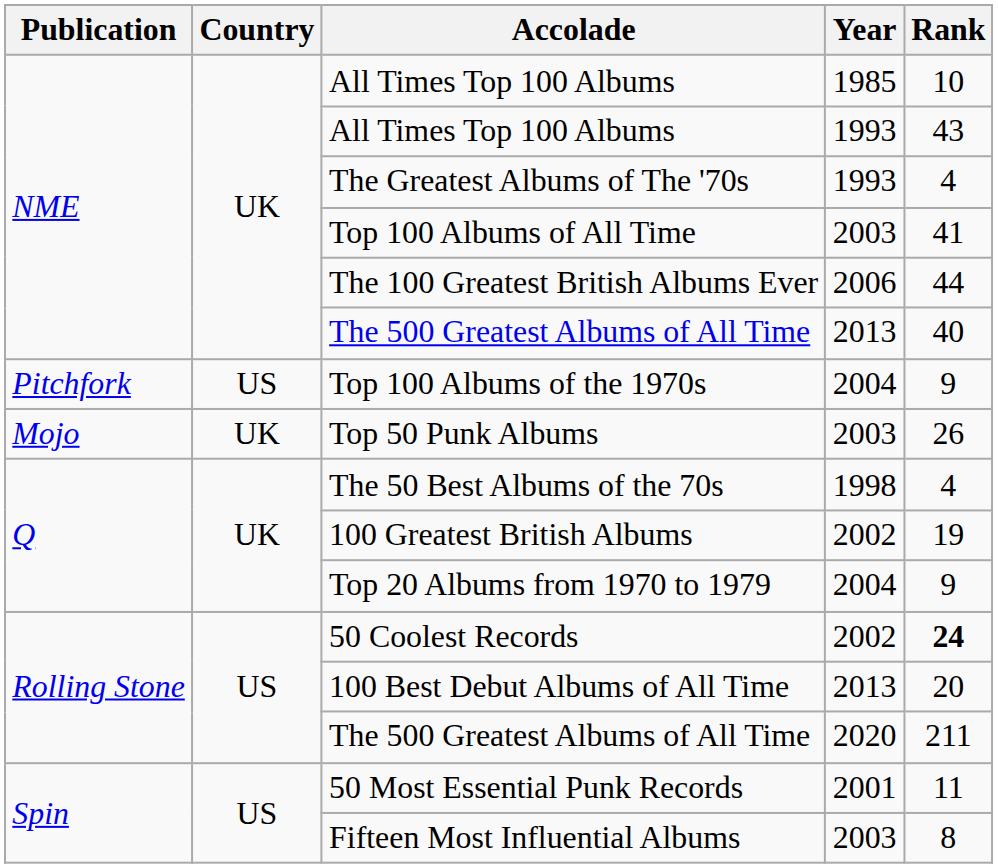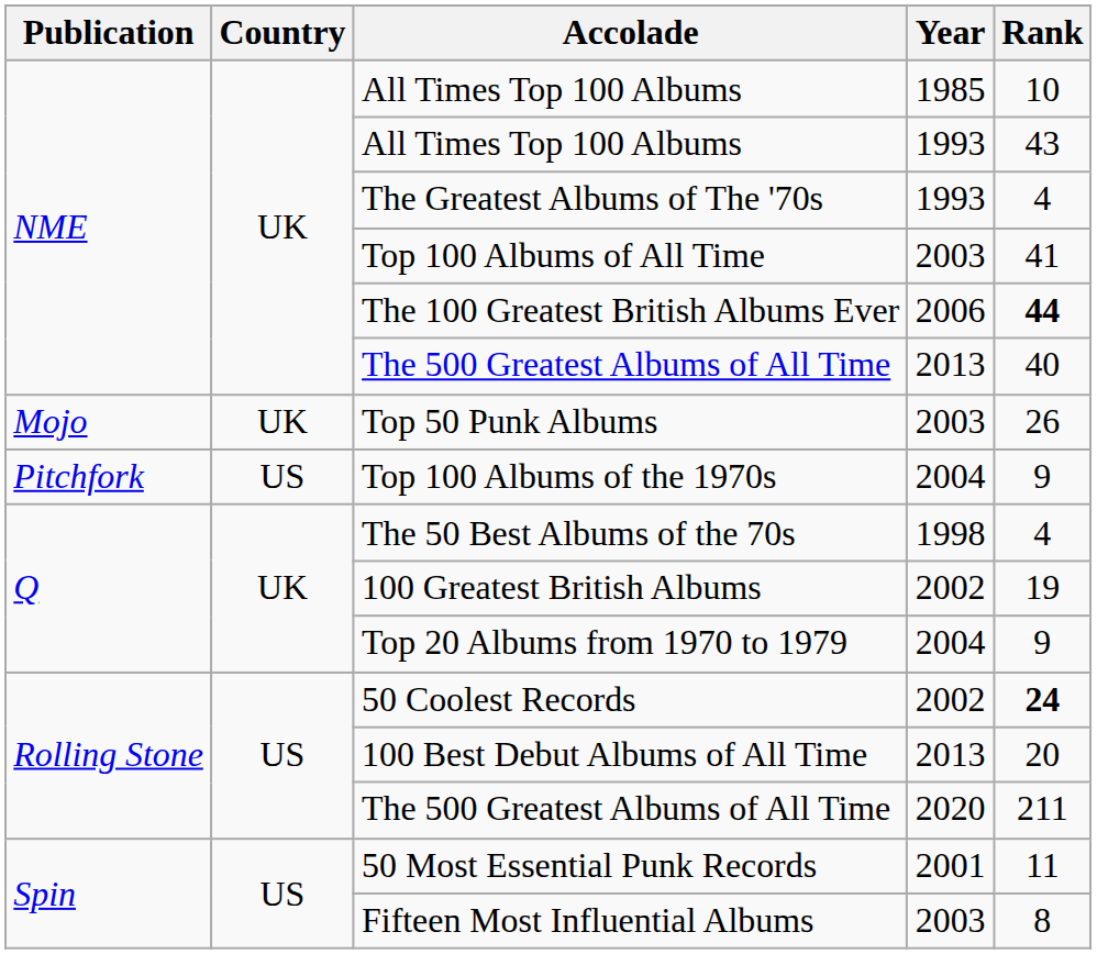 <table class="wikitable sortable">
 <tr>
 <th>Publication</th>
 <th>Country</th>
 <th>Accolade</th>
 <th>Year</th>
 <th>Rank</th>
 </tr>
 <tr>
 <td rowspan=6><em><a href='#'>NME</a></em></td>
 <td rowspan=6 style="text-align:center">UK</td>
 <td>All Times Top 100 Albums</td>
 <td>1985</td>
 <td align="center">10</td>
 </tr>
 <tr>
 <td>All Times Top 100 Albums</td>
 <td>1993</td>
 <td align="center">43</td>
 </tr>
 <tr>
 <td>The Greatest Albums of The '70s</td>
 <td>1993</td>
 <td align="center">4</td>
 </tr>
 <tr>
 <td>Top 100 Albums of All Time</td>
 <td>2003</td>
 <td align="center">41</td>
 </tr>
 <tr>
 <td>The 100 Greatest British Albums Ever</td>
 <td>2006</td>
-<td align="center">44</td>
+<td align="center"><strong>44</strong></td>
 </tr>
 <tr>
 <td><a href='#'>The 500 Greatest Albums of All Time</a></td>
 <td>2013</td>
 <td align="center">40</td>
 </tr>
 <tr>
+<td><em><a href='#'>Mojo</a></em></td>
+<td style="text-align:center">UK</td>
+<td>Top 50 Punk Albums</td>
+<td>2003</td>
+<td align="center">26</td>
+</tr>
+<tr>
 <td><em><a href='#'>Pitchfork</a></em></td>
 <td style="text-align:center">US</td>
 <td>Top 100 Albums of the 1970s</td>
 <td>2004</td>
 <td align="center">9</td>
-</tr>
-<tr>
-<td><em><a href='#'>Mojo</a></em></td>
-<td style="text-align:center">UK</td>
-<td>Top 50 Punk Albums</td>
-<td>2003</td>
-<td align="center">26</td>
 </tr>
 <tr>
 <td rowspan=3><em><a href='#'>Q</a></em></td>
 <td rowspan=3 style="text-align:center">UK</td>
 <td>The 50 Best Albums of the 70s</td>
 <td>1998</td>
 <td align="center">4</td>
 </tr>
 <tr>
 <td>100 Greatest British Albums</td>
 <td>2002</td>
 <td align="center">19</td>
 </tr>
 <tr>
 <td>Top 20 Albums from 1970 to 1979</td>
 <td>2004</td>
 <td align="center">9</td>
 </tr>
 <tr>
 <td rowspan="3"><em><a href='#'>Rolling Stone</a></em></td>
 <td rowspan="3" style="text-align:center">US</td>
 <td>50 Coolest Records</td>
 <td>2002</td>
 <td align="center"><strong>24</strong></td>
 </tr>
 <tr>
 <td>100 Best Debut Albums of All Time</td>
 <td>2013</td>
 <td align="center">20</td>
 </tr>
 <tr>
 <td>The 500 Greatest Albums of All Time</td>
 <td>2020</td>
 <td align="center">211</td>
 </tr>
 <tr>
 <td rowspan=2><em><a href='#'>Spin</a></em></td>
 <td rowspan=2 style="text-align:center">US</td>
 <td>50 Most Essential Punk Records</td>
 <td>2001</td>
 <td align="center">11</td>
 </tr>
 <tr>
 <td>Fifteen Most Influential Albums</td>
 <td>2003</td>
 <td align="center">8</td>
 </tr>
 </table>
